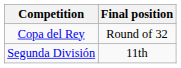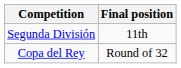 <table class="wikitable" style="font-size:100%; text-align:center">
 <tr>
 <th>Competition</th>
 <th>Final position</th>
 </tr>
 <tr style="background:">
+<td><a href='#'>Segunda División</a></td>
+<td>11th</td>
+</tr>
+<tr style="background:">
 <td><a href='#'>Copa del Rey</a></td>
 <td>Round of 32</td>
 </tr>
-<tr style="background:">
-<td><a href='#'>Segunda División</a></td>
-<td>11th</td>
-</tr>
 </table>
